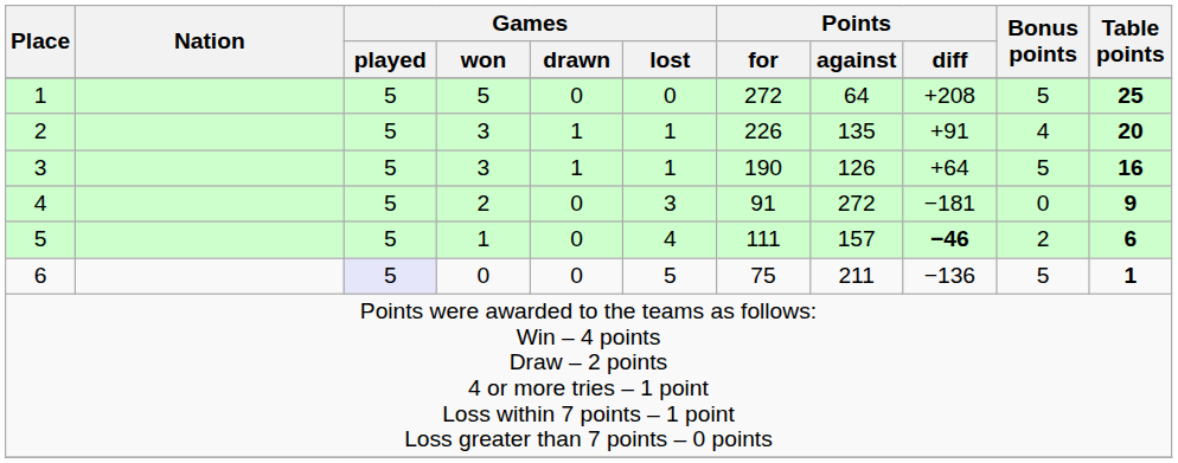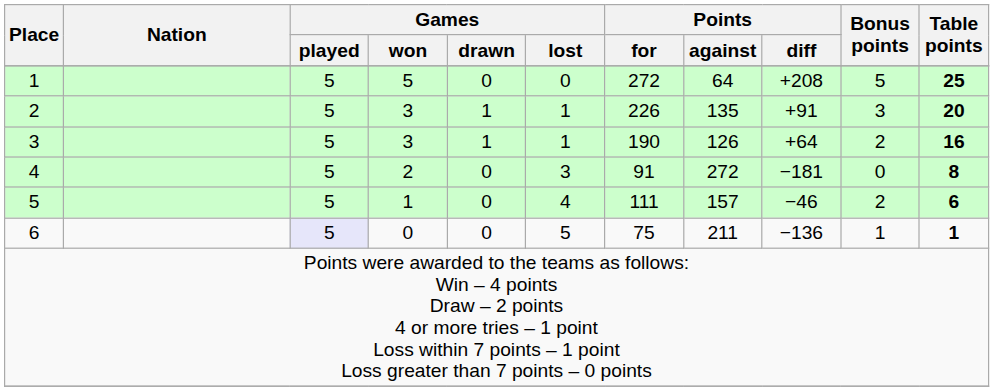 <table class="wikitable">
 <tr>
 <th rowspan=2 width="6%">Place</th>
 <th rowspan=2 width="23%">Nation</th>
 <th colspan=4 width="40%">Games</th>
 <th colspan=3 width="24%">Points</th>
 <th rowspan=2 width="8%">Bonus<br>points</th>
 <th rowspan=2 width="10%">Table<br>points</th>
 </tr>
 <tr>
 <th width="8%">played</th>
 <th width="8%">won</th>
 <th width="8%">drawn</th>
 <th width="8%">lost</th>
 <th width="8%">for</th>
 <th width="8%">against</th>
 <th width="8%">diff</th>
 </tr>
 <tr>
 </tr>
 <tr align=center bgcolor=ccffcc>
 <td>1</td>
 <td align=left></td>
 <td>5</td>
 <td>5</td>
 <td>0</td>
 <td>0</td>
 <td>272</td>
 <td>64</td>
 <td>+208</td>
 <td>5</td>
 <td><strong>25</strong></td>
 </tr>
 <tr align=center bgcolor=ccffcc>
 <td>2</td>
 <td align=left></td>
 <td>5</td>
 <td>3</td>
 <td>1</td>
 <td>1</td>
 <td>226</td>
 <td>135</td>
 <td>+91</td>
-<td>4</td>
+<td>3</td>
 <td><strong>20</strong></td>
 </tr>
 <tr align=center bgcolor=ccffcc>
 <td>3</td>
 <td align=left></td>
 <td>5</td>
 <td>3</td>
 <td>1</td>
 <td>1</td>
 <td>190</td>
 <td>126</td>
 <td>+64</td>
-<td>5</td>
+<td>2</td>
 <td><strong>16</strong></td>
 </tr>
 <tr align=center bgcolor=ccffcc>
 <td>4</td>
 <td align=left></td>
 <td>5</td>
 <td>2</td>
 <td>0</td>
 <td>3</td>
 <td>91</td>
 <td>272</td>
 <td>−181</td>
 <td>0</td>
-<td><strong>9</strong></td>
+<td><strong>8</strong></td>
 </tr>
 <tr align=center bgcolor=ccffcc>
 <td>5</td>
 <td align=left></td>
 <td>5</td>
 <td>1</td>
 <td>0</td>
 <td>4</td>
 <td>111</td>
 <td>157</td>
-<td><strong>−46</strong></td>
+<td>−46</td>
 <td>2</td>
 <td><strong>6</strong></td>
 </tr>
 <tr align=center>
 <td>6</td>
 <td align=left></td>
 <td style="background: lavender;">5</td>
 <td>0</td>
 <td>0</td>
 <td>5</td>
 <td>75</td>
 <td>211</td>
 <td>−136</td>
-<td>5</td>
+<td>1</td>
 <td><strong>1</strong></td>
 </tr>
 <tr>
 <td colspan="100%" style="text-align:center;">Points were awarded to the teams as follows:<br>Win – 4 points<br>Draw – 2 points<br> 4 or more tries – 1 point<br> Loss within 7 points – 1 point<br>Loss greater than 7 points – 0 points</td>
 </tr>
 <tr>
 </tr>
 </table>
